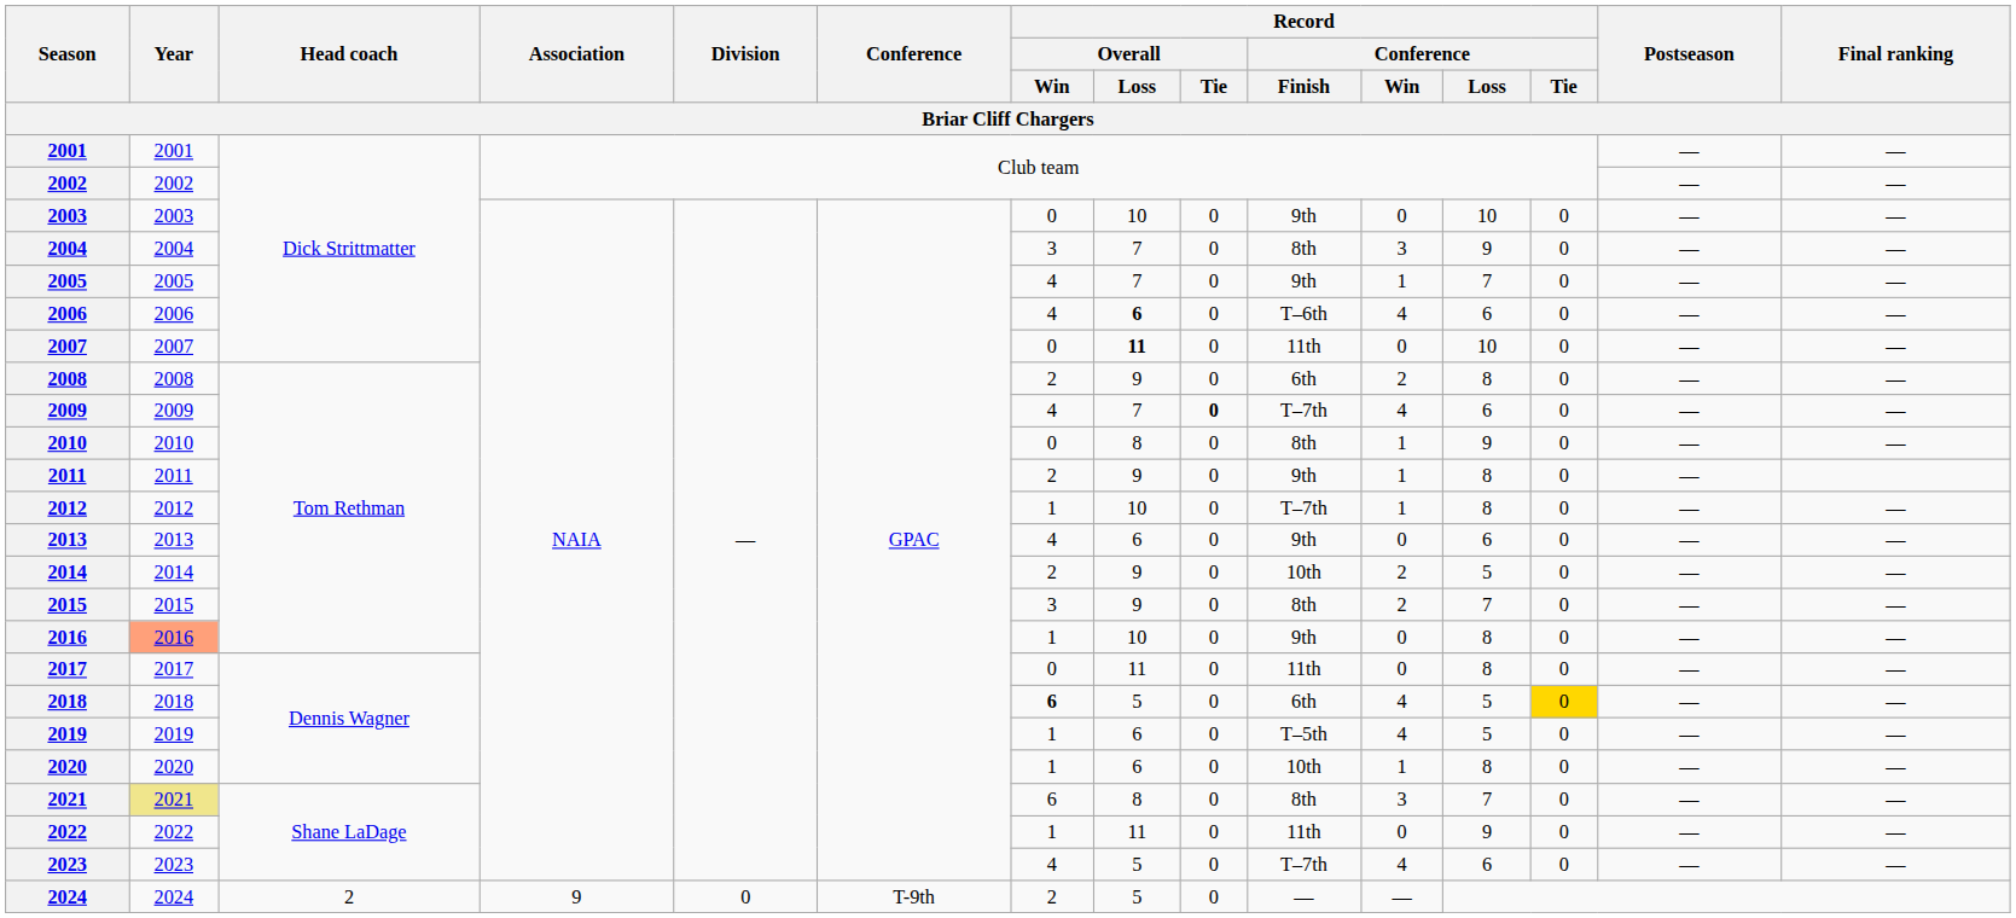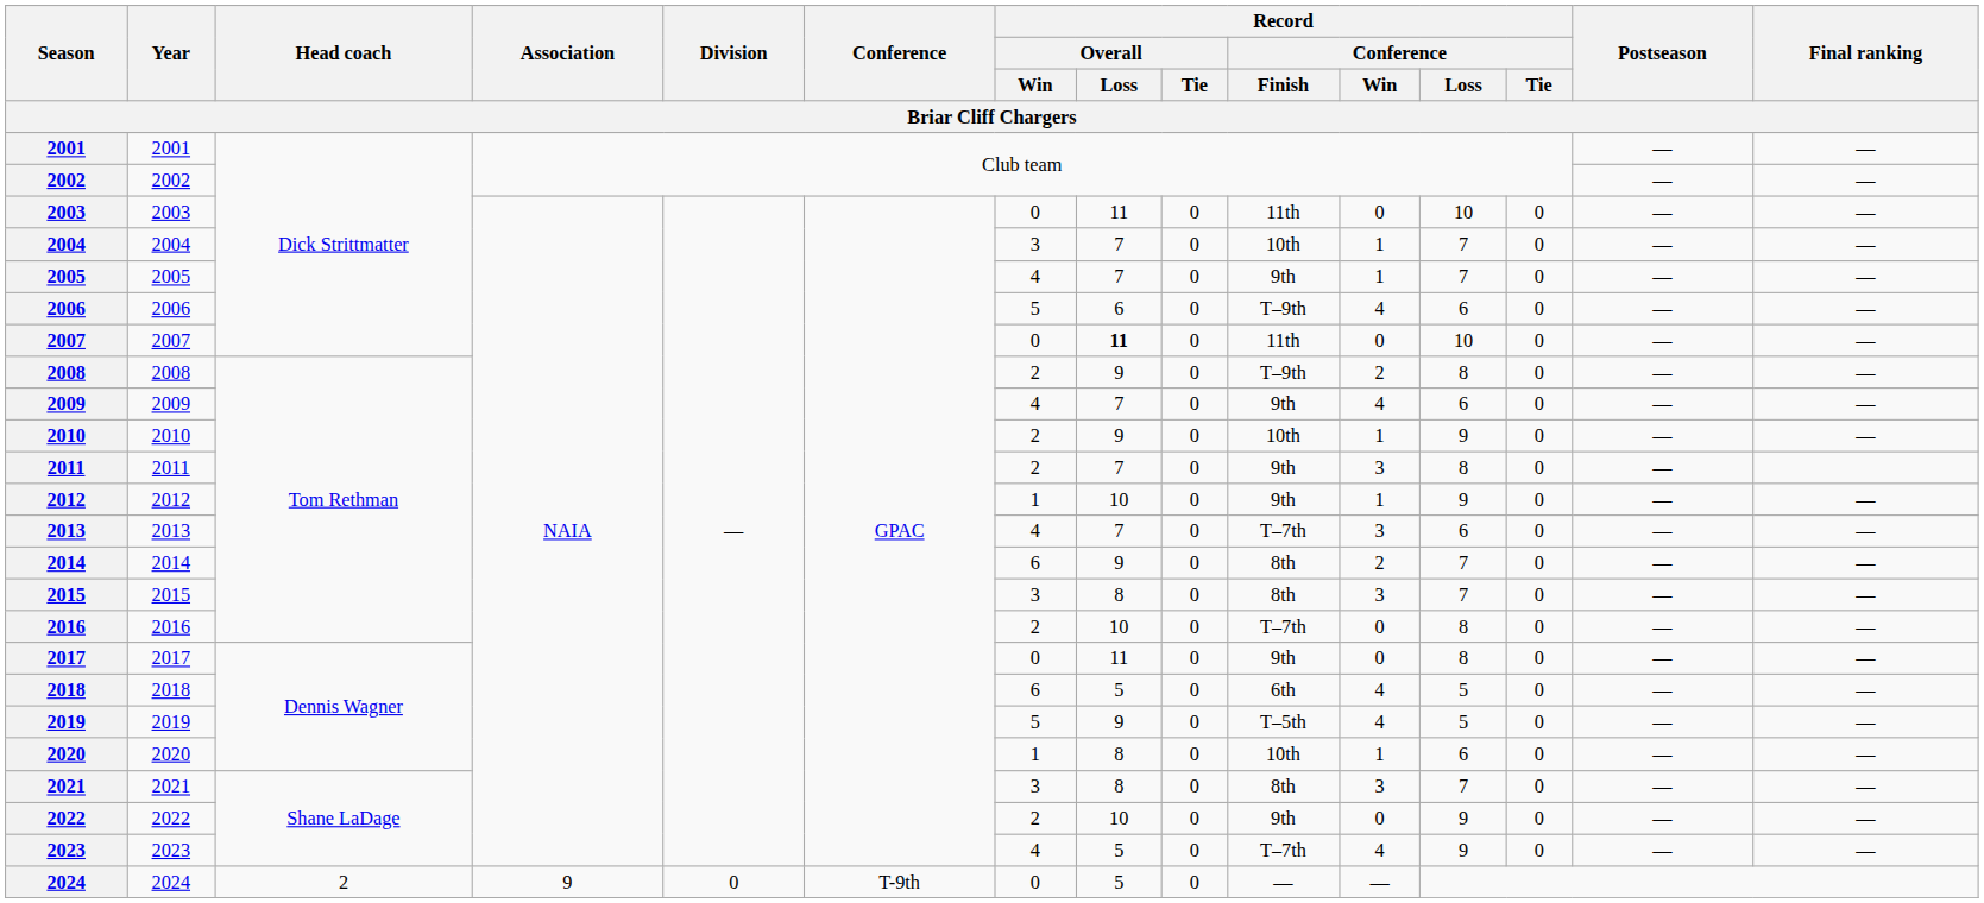 <table class="wikitable" style="font-size: 95%; width:98%;text-align:center;">
 <tr>
 <th rowspan="3">Season</th>
 <th rowspan="3">Year</th>
 <th rowspan="3">Head coach</th>
 <th rowspan="3">Association</th>
 <th rowspan="3">Division</th>
 <th rowspan="3">Conference</th>
 <th colspan="7">Record</th>
 <th rowspan="3">Postseason</th>
 <th rowspan="3">Final ranking</th>
 </tr>
 <tr>
 <th colspan="3">Overall</th>
 <th colspan="4">Conference</th>
 </tr>
 <tr>
 <th>Win</th>
 <th>Loss</th>
 <th>Tie</th>
 <th>Finish</th>
 <th>Win</th>
 <th>Loss</th>
 <th>Tie</th>
 </tr>
 <tr>
 <th colspan="15">Briar Cliff Chargers</th>
 </tr>
 <tr>
 <th><a href='#'>2001</a></th>
 <td><a href='#'>2001</a></td>
 <td rowspan="7"><a href='#'>Dick Strittmatter</a></td>
 <td colspan="10" rowspan="2">Club team</td>
 <td>—</td>
 <td>—</td>
 </tr>
 <tr>
 <th><a href='#'>2002</a></th>
 <td><a href='#'>2002</a></td>
 <td>—</td>
 <td>—</td>
 </tr>
 <tr>
 <th><a href='#'>2003</a></th>
 <td><a href='#'>2003</a></td>
 <td rowspan="21"><a href='#'>NAIA</a></td>
 <td rowspan="21">—</td>
 <td rowspan="21"><a href='#'>GPAC</a></td>
 <td>0</td>
-<td>10</td>
+<td>11</td>
 <td>0</td>
-<td>9th</td>
+<td>11th</td>
 <td>0</td>
 <td>10</td>
 <td>0</td>
 <td>—</td>
 <td>—</td>
 </tr>
 <tr>
 <th><a href='#'>2004</a></th>
 <td><a href='#'>2004</a></td>
 <td>3</td>
 <td>7</td>
 <td>0</td>
-<td>8th</td>
-<td>3</td>
-<td>9</td>
+<td>10th</td>
+<td>1</td>
+<td>7</td>
 <td>0</td>
 <td>—</td>
 <td>—</td>
 </tr>
 <tr>
 <th><a href='#'>2005</a></th>
 <td><a href='#'>2005</a></td>
 <td>4</td>
 <td>7</td>
 <td>0</td>
 <td>9th</td>
 <td>1</td>
 <td>7</td>
 <td>0</td>
 <td>—</td>
 <td>—</td>
 </tr>
 <tr>
 <th><a href='#'>2006</a></th>
 <td><a href='#'>2006</a></td>
-<td>4</td>
-<td><strong>6</strong></td>
+<td>5</td>
+<td>6</td>
 <td>0</td>
-<td>T–6th</td>
+<td>T–9th</td>
 <td>4</td>
 <td>6</td>
 <td>0</td>
 <td>—</td>
 <td>—</td>
 </tr>
 <tr>
 <th><a href='#'>2007</a></th>
 <td><a href='#'>2007</a></td>
 <td>0</td>
 <td><strong>11</strong></td>
 <td>0</td>
 <td>11th</td>
 <td>0</td>
 <td>10</td>
 <td>0</td>
 <td>—</td>
 <td>—</td>
 </tr>
 <tr>
 <th><a href='#'>2008</a></th>
 <td><a href='#'>2008</a></td>
 <td rowspan="9"><a href='#'>Tom Rethman</a></td>
 <td>2</td>
 <td>9</td>
 <td>0</td>
-<td>6th</td>
+<td>T–9th</td>
 <td>2</td>
 <td>8</td>
 <td>0</td>
 <td>—</td>
 <td>—</td>
 </tr>
 <tr>
 <th><a href='#'>2009</a></th>
 <td><a href='#'>2009</a></td>
 <td>4</td>
 <td>7</td>
-<td><strong>0</strong></td>
-<td>T–7th</td>
+<td>0</td>
+<td>9th</td>
 <td>4</td>
 <td>6</td>
 <td>0</td>
 <td>—</td>
 <td>—</td>
 </tr>
 <tr>
 <th><a href='#'>2010</a></th>
 <td><a href='#'>2010</a></td>
+<td>2</td>
+<td>9</td>
 <td>0</td>
-<td>8</td>
-<td>0</td>
-<td>8th</td>
+<td>10th</td>
 <td>1</td>
 <td>9</td>
 <td>0</td>
 <td>—</td>
 <td>—</td>
 </tr>
 <tr>
 <th><a href='#'>2011</a></th>
 <td><a href='#'>2011</a></td>
 <td>2</td>
-<td>9</td>
+<td>7</td>
 <td>0</td>
 <td>9th</td>
-<td>1</td>
+<td>3</td>
 <td>8</td>
 <td>0</td>
 <td>—</td>
 </tr>
 <tr>
 <th><a href='#'>2012</a></th>
 <td><a href='#'>2012</a></td>
 <td>1</td>
 <td>10</td>
 <td>0</td>
-<td>T–7th</td>
+<td>9th</td>
 <td>1</td>
-<td>8</td>
+<td>9</td>
 <td>0</td>
 <td>—</td>
 <td>—</td>
 </tr>
 <tr>
 <th><a href='#'>2013</a></th>
 <td><a href='#'>2013</a></td>
 <td>4</td>
-<td>6</td>
+<td>7</td>
 <td>0</td>
-<td>9th</td>
-<td>0</td>
+<td>T–7th</td>
+<td>3</td>
 <td>6</td>
 <td>0</td>
 <td>—</td>
 <td>—</td>
 </tr>
 <tr>
 <th><a href='#'>2014</a></th>
 <td><a href='#'>2014</a></td>
-<td>2</td>
-<td>9</td>
-<td>0</td>
-<td>10th</td>
-<td>2</td>
-<td>5</td>
-<td>0</td>
-<td>—</td>
-<td>—</td>
-</tr>
-<tr>
-<th><a href='#'>2015</a></th>
-<td><a href='#'>2015</a></td>
-<td>3</td>
+<td>6</td>
 <td>9</td>
 <td>0</td>
 <td>8th</td>
 <td>2</td>
 <td>7</td>
 <td>0</td>
 <td>—</td>
 <td>—</td>
 </tr>
 <tr>
+<th><a href='#'>2015</a></th>
+<td><a href='#'>2015</a></td>
+<td>3</td>
+<td>8</td>
+<td>0</td>
+<td>8th</td>
+<td>3</td>
+<td>7</td>
+<td>0</td>
+<td>—</td>
+<td>—</td>
+</tr>
+<tr>
 <th><a href='#'>2016</a></th>
-<td style="background: lightsalmon;"><a href='#'>2016</a></td>
-<td>1</td>
+<td><a href='#'>2016</a></td>
+<td>2</td>
 <td>10</td>
 <td>0</td>
-<td>9th</td>
+<td>T–7th</td>
 <td>0</td>
 <td>8</td>
 <td>0</td>
 <td>—</td>
 <td>—</td>
 </tr>
 <tr>
 <th><a href='#'>2017</a></th>
 <td><a href='#'>2017</a></td>
 <td rowspan="4"><a href='#'>Dennis Wagner</a></td>
 <td>0</td>
 <td>11</td>
 <td>0</td>
-<td>11th</td>
+<td>9th</td>
 <td>0</td>
 <td>8</td>
 <td>0</td>
 <td>—</td>
 <td>—</td>
 </tr>
 <tr>
 <th><a href='#'>2018</a></th>
 <td><a href='#'>2018</a></td>
-<td><strong>6</strong></td>
+<td>6</td>
 <td>5</td>
 <td>0</td>
 <td>6th</td>
 <td>4</td>
 <td>5</td>
-<td style="background: gold;">0</td>
+<td>0</td>
 <td>—</td>
 <td>—</td>
 </tr>
 <tr>
 <th><a href='#'>2019</a></th>
 <td><a href='#'>2019</a></td>
-<td>1</td>
-<td>6</td>
+<td>5</td>
+<td>9</td>
 <td>0</td>
 <td>T–5th</td>
 <td>4</td>
 <td>5</td>
 <td>0</td>
 <td>—</td>
 <td>—</td>
 </tr>
 <tr>
 <th><a href='#'>2020</a></th>
 <td><a href='#'>2020</a></td>
 <td>1</td>
-<td>6</td>
+<td>8</td>
 <td>0</td>
 <td>10th</td>
 <td>1</td>
-<td>8</td>
+<td>6</td>
 <td>0</td>
 <td>—</td>
 <td>—</td>
 </tr>
 <tr>
 <th><a href='#'>2021</a></th>
-<td style="background: khaki;"><a href='#'>2021</a></td>
+<td><a href='#'>2021</a></td>
 <td rowspan="3"><a href='#'>Shane LaDage</a></td>
-<td>6</td>
+<td>3</td>
 <td>8</td>
 <td>0</td>
 <td>8th</td>
 <td>3</td>
 <td>7</td>
 <td>0</td>
 <td>—</td>
 <td>—</td>
 </tr>
 <tr>
 <th><a href='#'>2022</a></th>
 <td><a href='#'>2022</a></td>
-<td>1</td>
-<td>11</td>
+<td>2</td>
+<td>10</td>
 <td>0</td>
-<td>11th</td>
+<td>9th</td>
 <td>0</td>
 <td>9</td>
 <td>0</td>
 <td>—</td>
 <td>—</td>
 </tr>
 <tr>
 <th><a href='#'>2023</a></th>
 <td><a href='#'>2023</a></td>
 <td>4</td>
 <td>5</td>
 <td>0</td>
 <td>T–7th</td>
 <td>4</td>
-<td>6</td>
+<td>9</td>
 <td>0</td>
 <td>—</td>
 <td>—</td>
 </tr>
 <tr>
 <th><a href='#'>2024</a></th>
 <td><a href='#'>2024</a></td>
 <td>2</td>
 <td>9</td>
 <td>0</td>
 <td>T-9th</td>
-<td>2</td>
+<td>0</td>
 <td>5</td>
 <td>0</td>
 <td>—</td>
 <td>—</td>
 </tr>
 <tr>
 </tr>
 </table>
